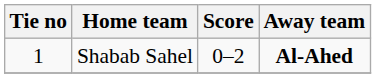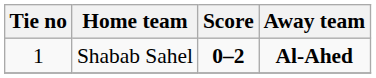 <table class="wikitable" style="text-align: center">
 <tr>
 <th>Tie no</th>
 <th>Home team</th>
 <th>Score</th>
 <th>Away team</th>
 </tr>
 <tr>
 <td>1</td>
 <td>Shabab Sahel</td>
-<td>0–2</td>
+<td><strong>0–2</strong></td>
 <td><strong>Al-Ahed</strong></td>
 </tr>
 <tr>
 </tr>
 </table>
